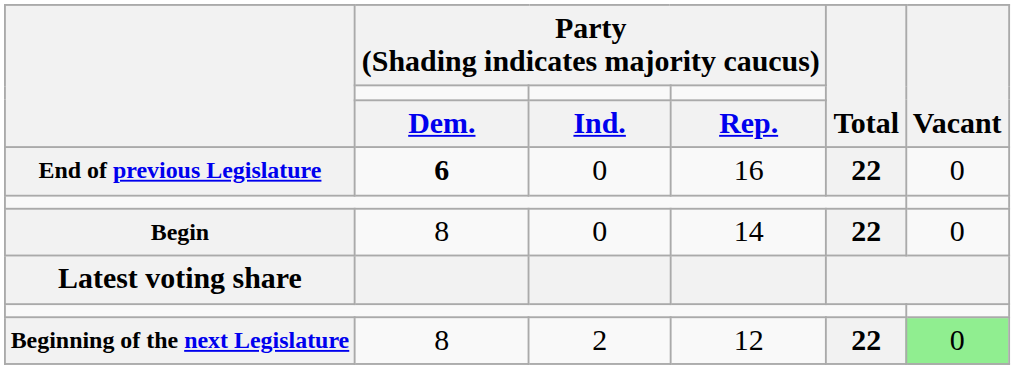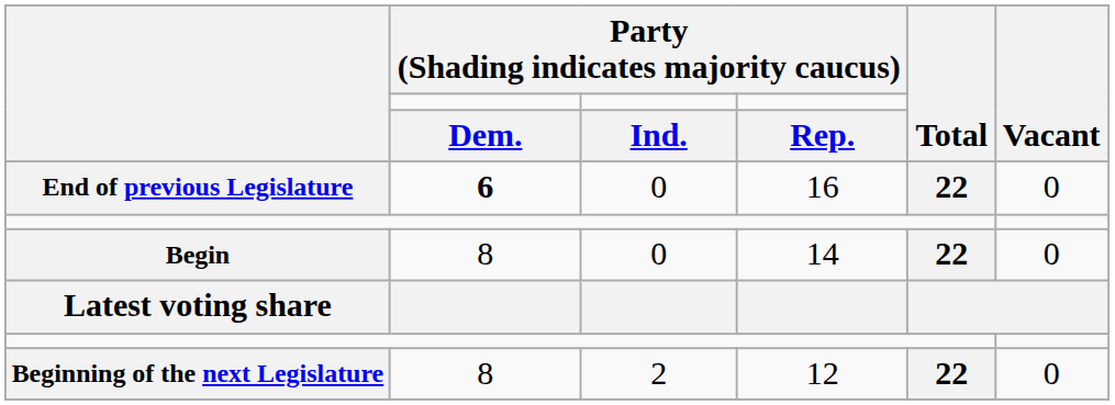 <table class=wikitable style="text-align:center">
 <tr style="vertical-align:bottom;">
 <th rowspan=3></th>
 <th colspan=3>Party  <div>(Shading indicates majority caucus)</div></th>
 <th rowspan=3>Total</th>
 <th rowspan=3>Vacant</th>
 </tr>
 <tr style="height:5px">
 <td style="background-color:"></td>
 <td style="background-color:"></td>
 <td style="background-color:"></td>
 </tr>
 <tr>
 <th><a href='#'>Dem.</a></th>
 <th><a href='#'>Ind.</a></th>
 <th><a href='#'>Rep.</a></th>
 </tr>
 <tr>
 <th style="white-space:nowrap; font-size:80%;">End of <a href='#'>previous Legislature</a></th>
 <td><strong>6</strong></td>
 <td>0</td>
 <td>16</td>
 <th>22</th>
 <td>0</td>
 </tr>
 <tr>
 <td colspan=5></td>
 </tr>
 <tr>
 <th style="font-size:80%">Begin</th>
 <td>8</td>
 <td>0</td>
 <td>14</td>
 <th>22</th>
 <td>0</td>
 </tr>
 <tr>
 <th>Latest voting share</th>
 <th></th>
 <th></th>
 <th></th>
 <th colspan=2></th>
 </tr>
 <tr>
 <td colspan=5></td>
 </tr>
 <tr>
 <th style="white-space:nowrap; font-size:80%;">Beginning of the <a href='#'>next Legislature</a></th>
 <td>8</td>
 <td>2</td>
 <td>12</td>
 <th>22</th>
-<td style="background: lightgreen;">0</td>
+<td>0</td>
 </tr>
 </table>
